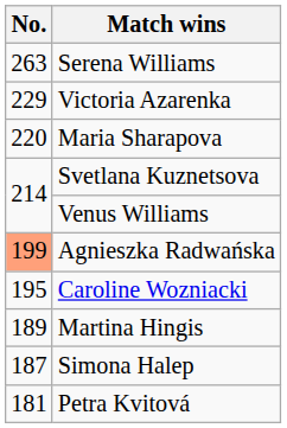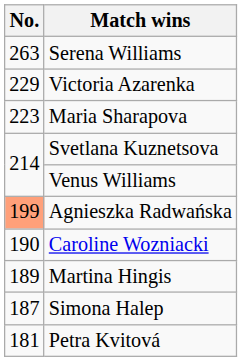 <table class="wikitable" style="text-align:center; display:inline-table">
 <tr>
 <th scope="col">No.</th>
 <th scope="col">Match wins</th>
 </tr>
 <tr>
 <td>263</td>
 <td style="text-align:left"> Serena Williams</td>
 </tr>
 <tr>
 <td>229</td>
 <td style="text-align:left"> Victoria Azarenka</td>
 </tr>
 <tr>
-<td>220</td>
+<td>223</td>
 <td style="text-align:left"> Maria Sharapova</td>
 </tr>
 <tr>
 <td rowspan=2>214</td>
 <td style="text-align:left"> Svetlana Kuznetsova</td>
 </tr>
 <tr>
 <td style="text-align:left"> Venus Williams</td>
 </tr>
 <tr>
 <td style="background: lightsalmon;">199</td>
 <td style="text-align:left"> Agnieszka Radwańska</td>
 </tr>
 <tr>
-<td>195</td>
+<td>190</td>
 <td style="text-align:left"> <a href='#'>Caroline Wozniacki</a></td>
 </tr>
 <tr>
 <td>189</td>
 <td style="text-align:left"> Martina Hingis</td>
 </tr>
 <tr>
 <td>187</td>
 <td style="text-align:left"> Simona Halep</td>
 </tr>
 <tr>
 <td>181</td>
 <td style="text-align:left"> Petra Kvitová</td>
 </tr>
 </table>
